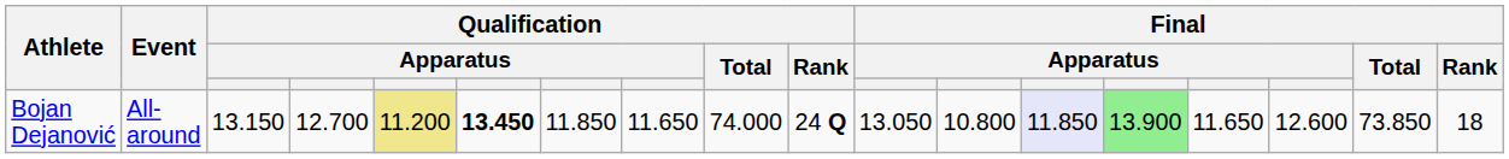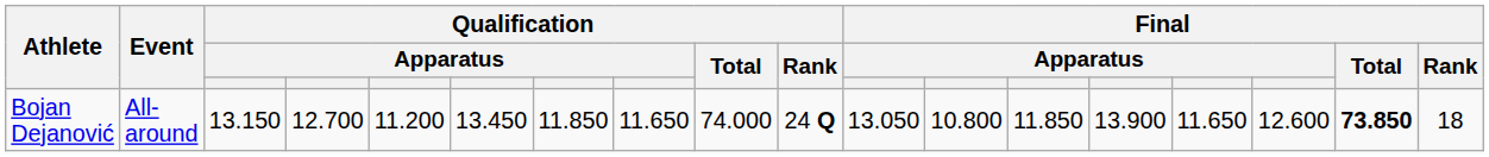 <table class="wikitable" style="font-size:90%">
 <tr>
 <th rowspan=3>Athlete</th>
 <th rowspan=3>Event</th>
 <th colspan =8>Qualification</th>
 <th colspan =8>Final</th>
 </tr>
 <tr style="font-size:95%">
 <th colspan=6>Apparatus</th>
 <th rowspan=2>Total</th>
 <th rowspan=2>Rank</th>
 <th colspan=6>Apparatus</th>
 <th rowspan=2>Total</th>
 <th rowspan=2>Rank</th>
 </tr>
 <tr style="font-size:95%">
 <th></th>
 <th></th>
 <th></th>
 <th></th>
 <th></th>
 <th></th>
 <th></th>
 <th></th>
 <th></th>
 <th></th>
 <th></th>
 <th></th>
 </tr>
 <tr align=center>
 <td align=left><a href='#'>Bojan Dejanović</a></td>
 <td align=left><a href='#'>All-around</a></td>
 <td>13.150</td>
 <td>12.700</td>
-<td style="background: khaki;">11.200</td>
-<td><strong>13.450</strong></td>
+<td>11.200</td>
+<td>13.450</td>
 <td>11.850</td>
 <td>11.650</td>
 <td>74.000</td>
 <td>24 <strong>Q</strong></td>
 <td>13.050</td>
 <td>10.800</td>
-<td style="background: lavender;">11.850</td>
-<td style="background: lightgreen;">13.900</td>
+<td>11.850</td>
+<td>13.900</td>
 <td>11.650</td>
 <td>12.600</td>
-<td>73.850</td>
+<td><strong>73.850</strong></td>
 <td>18</td>
 </tr>
 </table>
